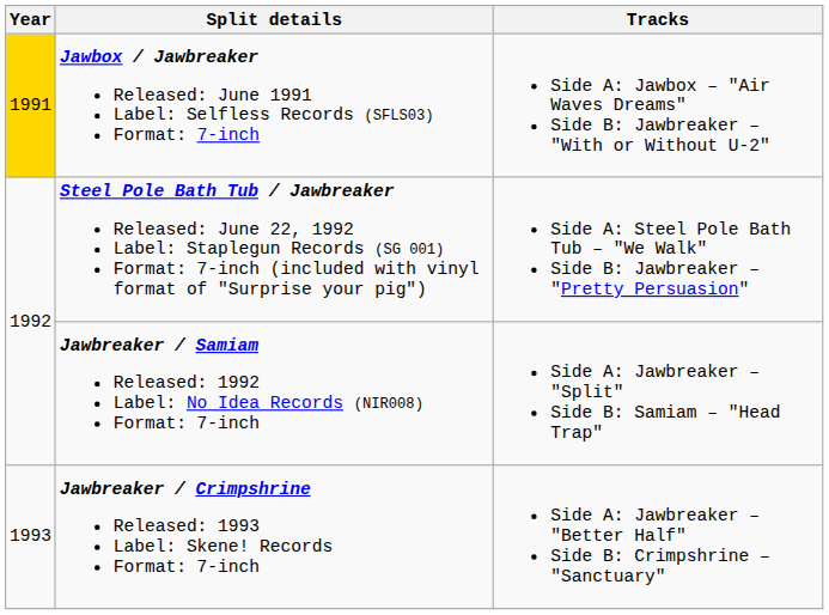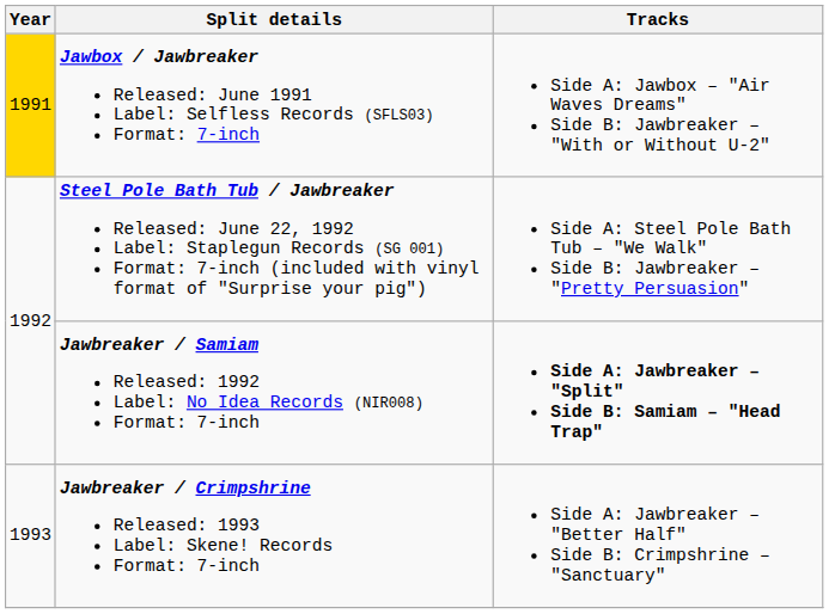 <table class="wikitable">
 <tr>
 <th>Year</th>
 <th>Split details</th>
 <th>Tracks</th>
 </tr>
 <tr>
 <td style="background: gold;">1991</td>
 <td><strong><em><a href='#'>Jawbox</a> / Jawbreaker</em></strong><br><ul><li>Released: June 1991</li><li>Label: Selfless Records <small>(SFLS03)</small></li><li>Format: <a href='#'>7-inch</a></li></ul></td>
 <td><br><ul><li>Side A: Jawbox – "Air Waves Dreams"</li><li>Side B: Jawbreaker – "With or Without U-2"</li></ul></td>
 </tr>
 <tr>
 <td rowspan="2">1992</td>
 <td><strong><em><a href='#'>Steel Pole Bath Tub</a> / Jawbreaker</em></strong><br><ul><li>Released: June 22, 1992</li><li>Label: Staplegun Records <small>(SG 001)</small></li><li>Format: 7-inch (included with vinyl format of "Surprise your pig")</li></ul></td>
 <td><br><ul><li>Side A: Steel Pole Bath Tub – "We Walk"</li><li>Side B: Jawbreaker – "<a href='#'>Pretty Persuasion</a>"</li></ul></td>
 </tr>
 <tr>
 <td><strong><em>Jawbreaker / <a href='#'>Samiam</a></em></strong><br><ul><li>Released: 1992</li><li>Label: <a href='#'>No Idea Records</a> <small>(NIR008)</small></li><li>Format: 7-inch</li></ul></td>
-<td><br><ul><li>Side A: Jawbreaker – "Split"</li><li>Side B: Samiam – "Head Trap"</li></ul></td>
+<td><strong><br><ul><li>Side A: Jawbreaker – "Split"</li><li>Side B: Samiam – "Head Trap"</li></ul></strong></td>
 </tr>
 <tr>
 <td>1993</td>
 <td><strong><em>Jawbreaker / <a href='#'>Crimpshrine</a></em></strong><br><ul><li>Released: 1993</li><li>Label: Skene! Records</li><li>Format: 7-inch</li></ul></td>
 <td><br><ul><li>Side A: Jawbreaker – "Better Half"</li><li>Side B: Crimpshrine – "Sanctuary"</li></ul></td>
 </tr>
 <tr>
 </tr>
 </table>
